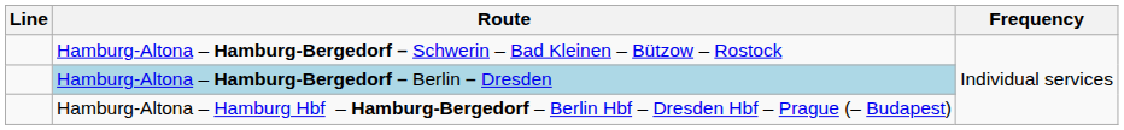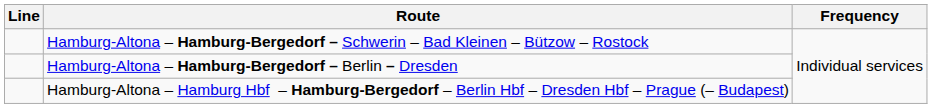 <table class="wikitable">
 <tr>
 <th>Line</th>
 <th>Route</th>
 <th>Frequency</th>
 </tr>
 <tr>
 <td></td>
 <td><a href='#'>Hamburg-Altona</a> – <strong>Hamburg-Bergedorf –</strong> <a href='#'>Schwerin</a> – <a href='#'>Bad Kleinen</a> – <a href='#'>Bützow</a> – <a href='#'>Rostock</a></td>
 <td rowspan="3">Individual services</td>
 </tr>
 <tr>
 <td></td>
-<td style="background: lightblue;"><a href='#'>Hamburg-Altona</a> – <strong>Hamburg-Bergedorf –</strong> Berlin<strong> –</strong> <a href='#'>Dresden</a></td>
+<td><a href='#'>Hamburg-Altona</a> – <strong>Hamburg-Bergedorf –</strong> Berlin<strong> –</strong> <a href='#'>Dresden</a></td>
 </tr>
 <tr>
 <td></td>
 <td>Hamburg-Altona – <a href='#'>Hamburg Hbf</a>  – <strong>Hamburg-Bergedorf</strong> – <a href='#'>Berlin Hbf</a> – <a href='#'>Dresden Hbf</a> – <a href='#'>Prague</a> (– <a href='#'>Budapest</a>)</td>
 </tr>
 </table>
